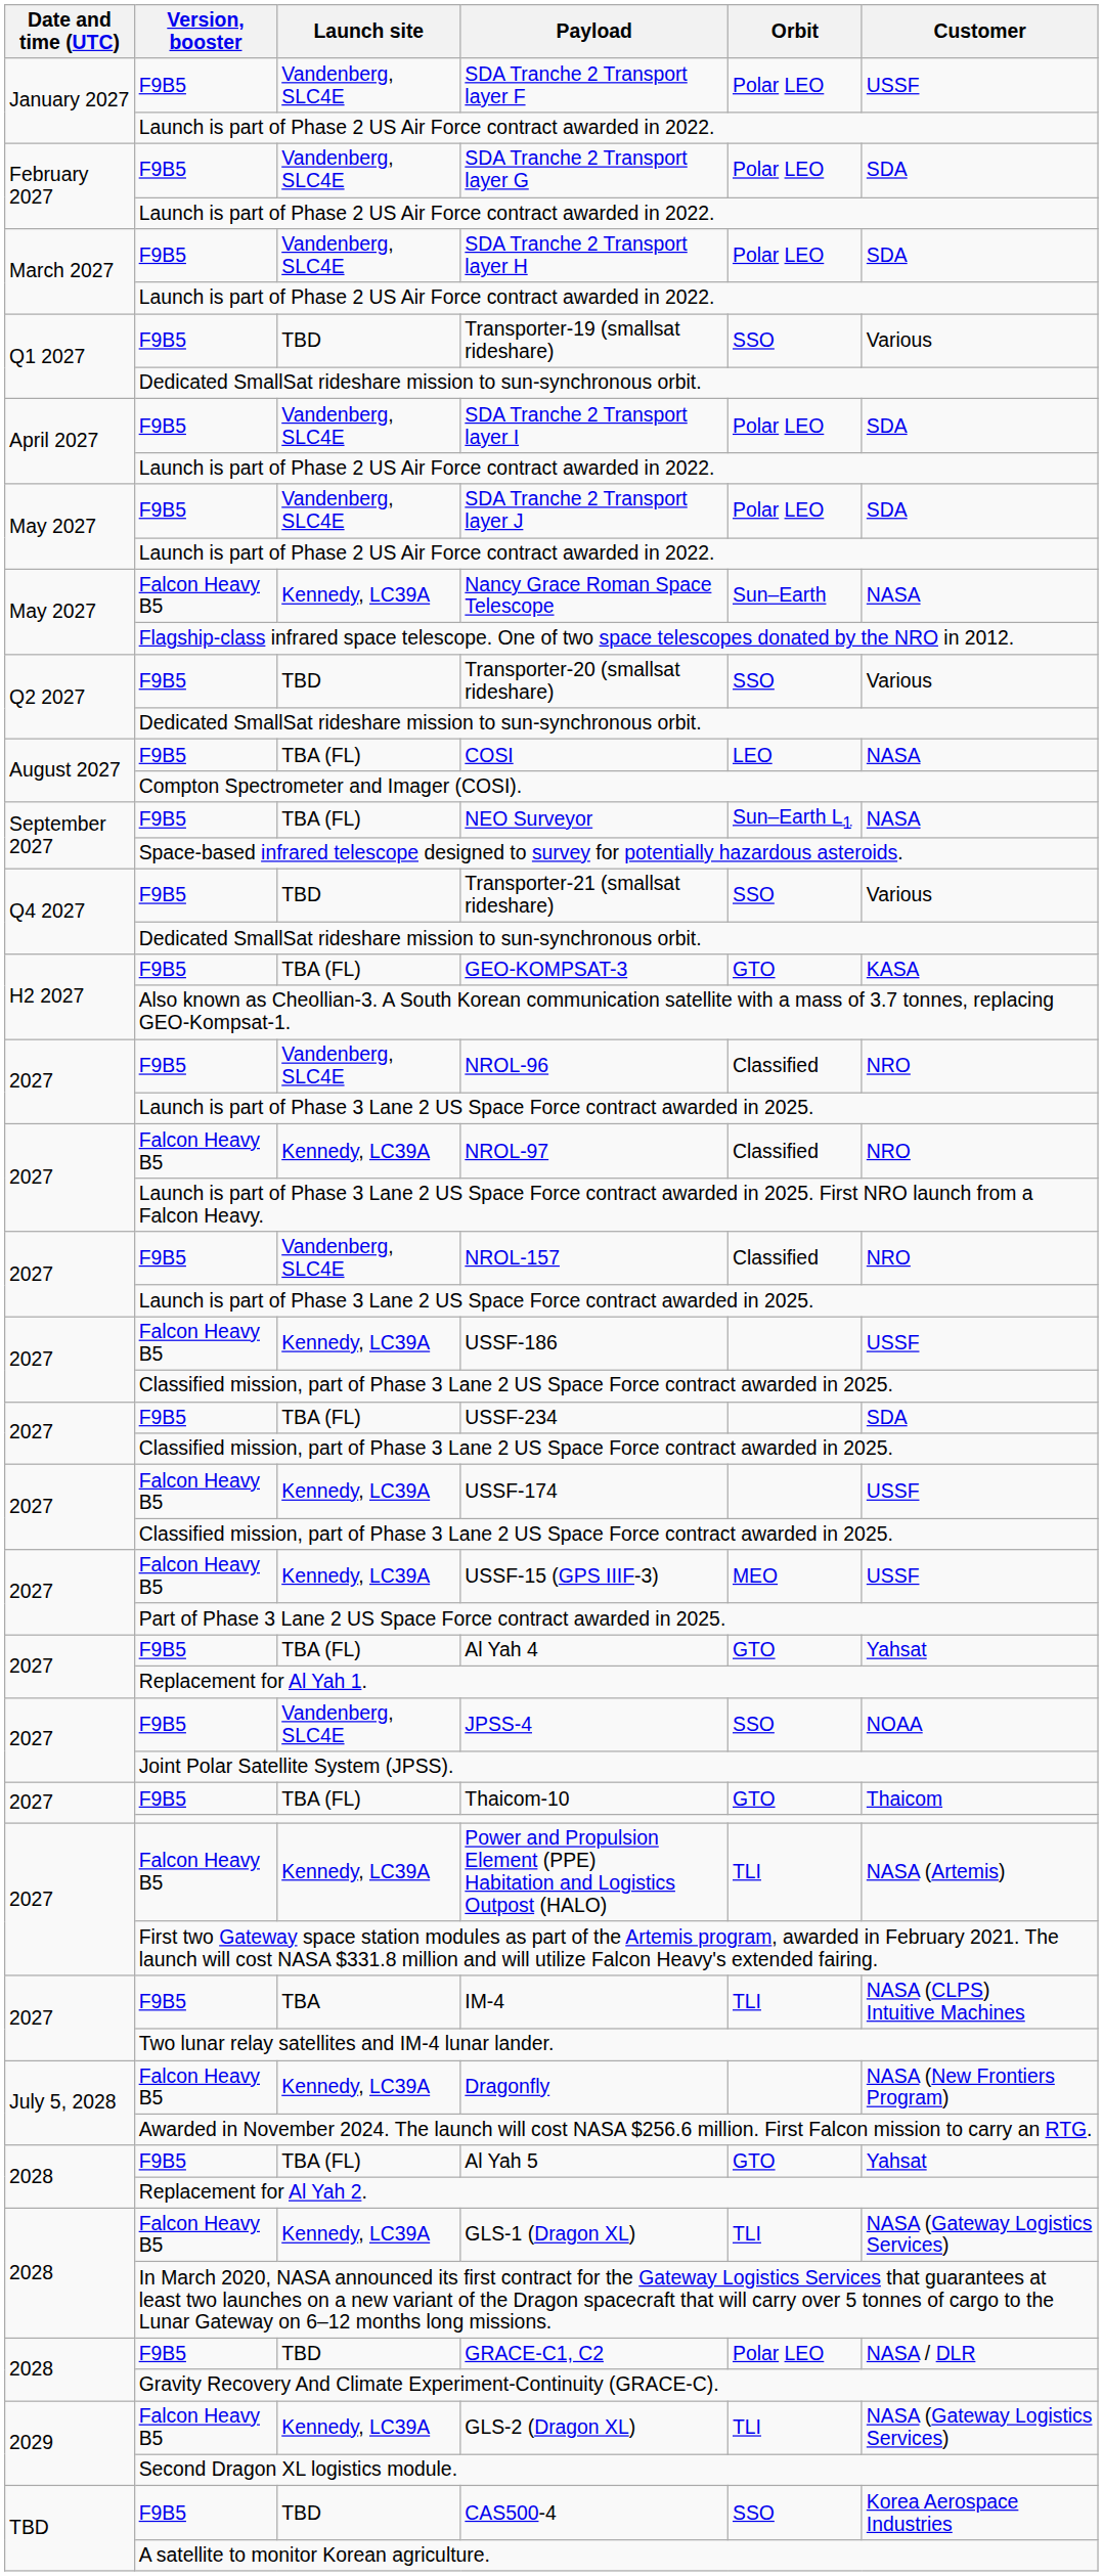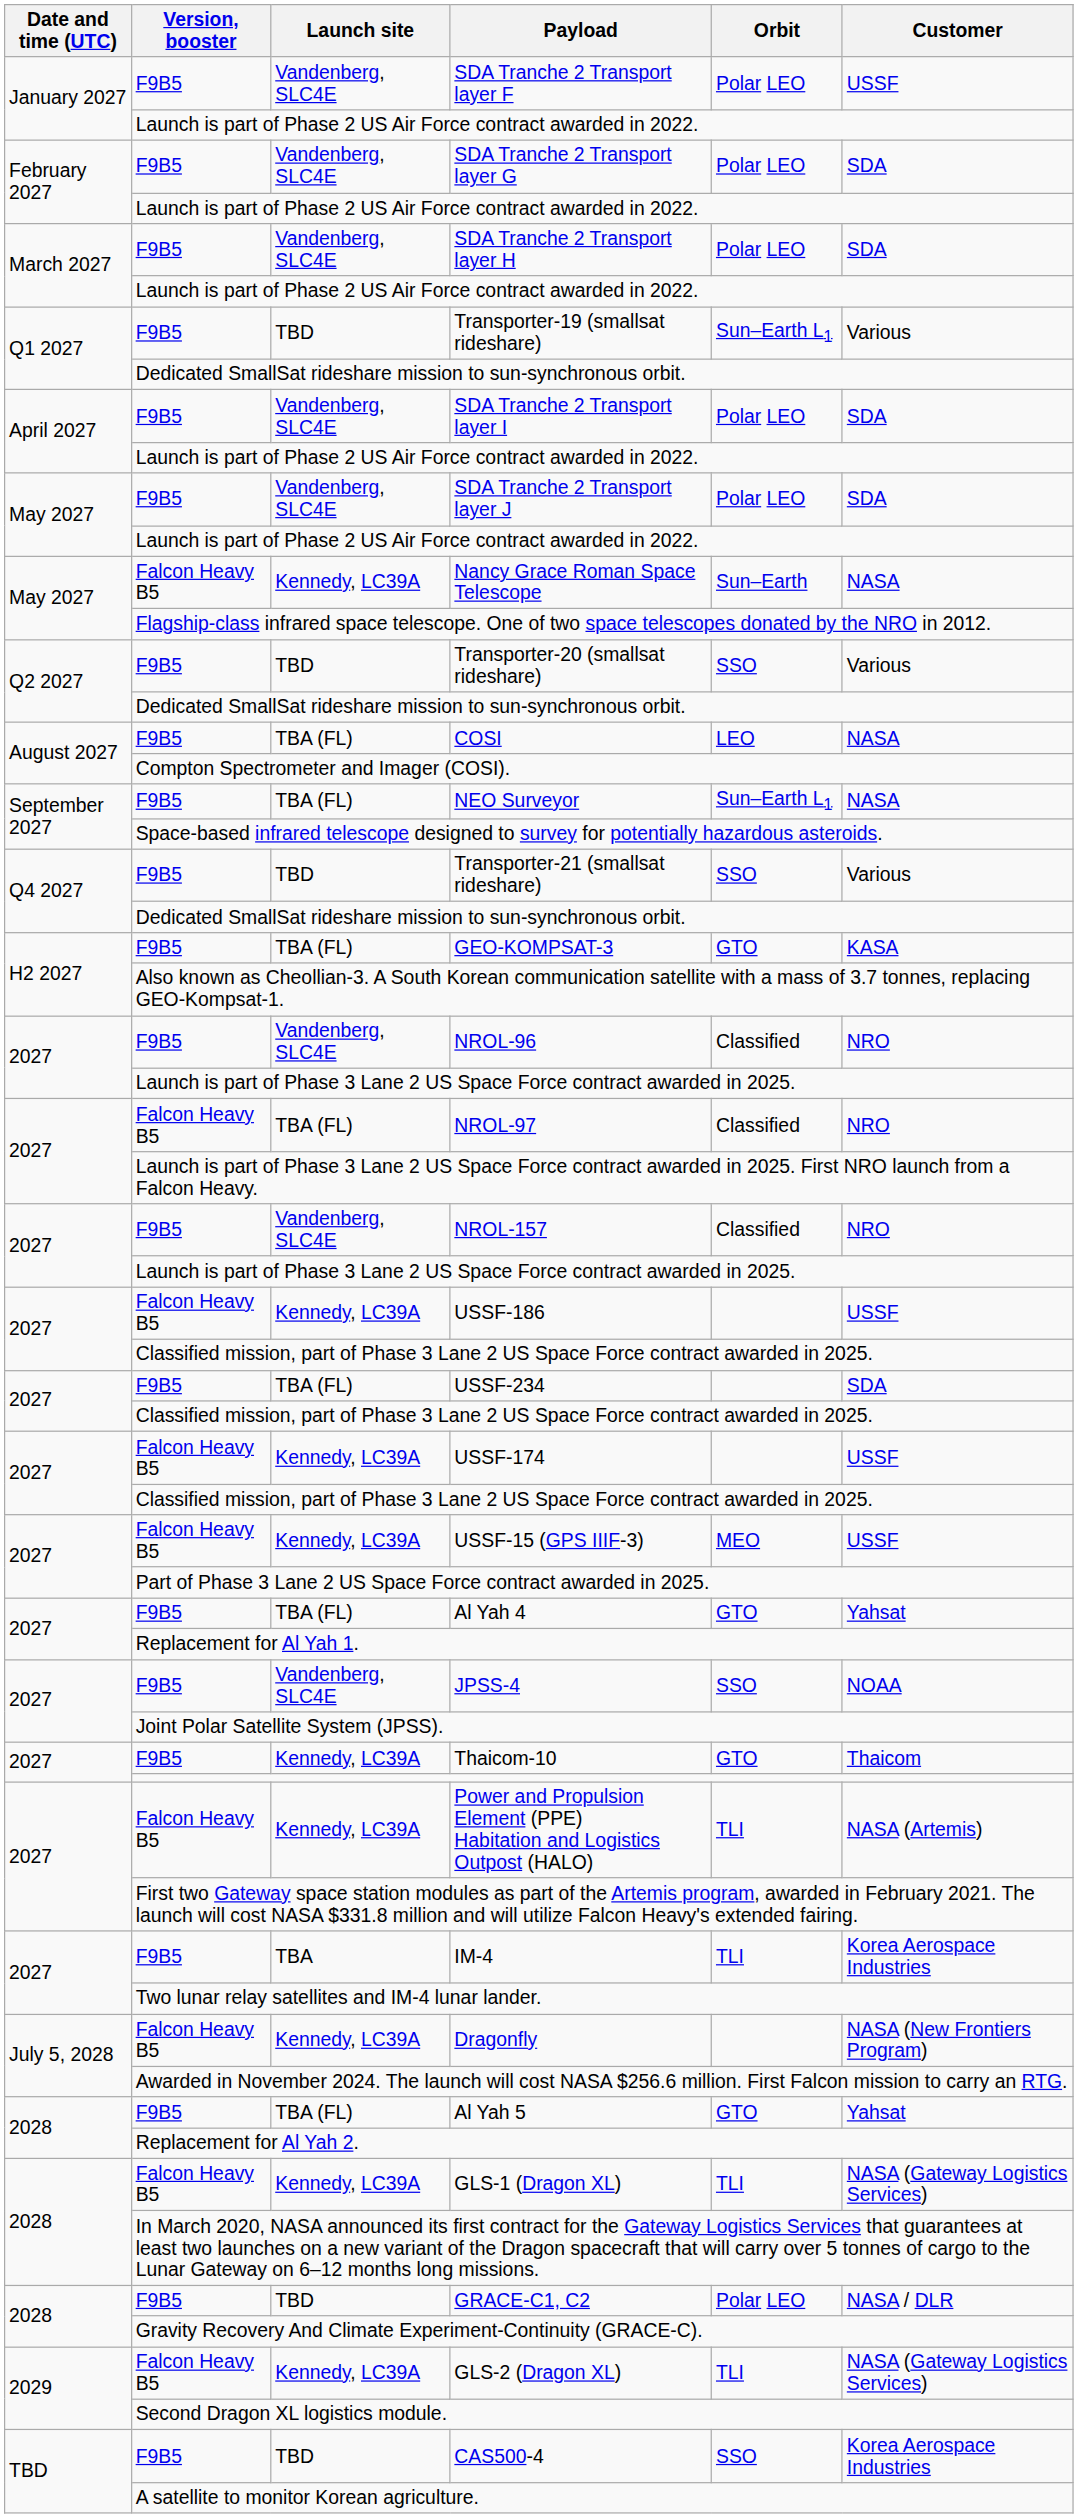 <table class="wikitable sticky-header" style="width: 100%;">
 <tr>
 <th scope="col">Date and time (<a href='#'>UTC</a>)</th>
 <th scope="col"><a href='#'>Version,<br>booster</a></th>
 <th scope="col">Launch site</th>
 <th scope="col">Payload</th>
 <th scope="col">Orbit</th>
 <th scope="col">Customer</th>
 </tr>
 <tr>
 <td rowspan="2">January 2027</td>
 <td><a href='#'>F9B5</a></td>
 <td><a href='#'>Vandenberg</a>, <a href='#'>SLC4E</a></td>
 <td><a href='#'>SDA Tranche 2 Transport layer F</a></td>
 <td><a href='#'>Polar</a> <a href='#'>LEO</a></td>
 <td><a href='#'>USSF</a></td>
 </tr>
 <tr>
 <td colspan="5">Launch is part of Phase 2 US Air Force contract awarded in 2022.</td>
 </tr>
 <tr>
 <td rowspan="2">February 2027</td>
 <td><a href='#'>F9B5</a></td>
 <td><a href='#'>Vandenberg</a>, <a href='#'>SLC4E</a></td>
 <td><a href='#'>SDA Tranche 2 Transport layer G</a></td>
 <td><a href='#'>Polar</a> <a href='#'>LEO</a></td>
 <td><a href='#'>SDA</a></td>
 </tr>
 <tr>
 <td colspan="5">Launch is part of Phase 2 US Air Force contract awarded in 2022.</td>
 </tr>
 <tr>
 <td rowspan="2">March 2027</td>
 <td><a href='#'>F9B5</a></td>
 <td><a href='#'>Vandenberg</a>, <a href='#'>SLC4E</a></td>
 <td><a href='#'>SDA Tranche 2 Transport layer H</a></td>
 <td><a href='#'>Polar</a> <a href='#'>LEO</a></td>
 <td><a href='#'>SDA</a></td>
 </tr>
 <tr>
 <td colspan="5">Launch is part of Phase 2 US Air Force contract awarded in 2022.</td>
 </tr>
 <tr>
 <td rowspan=2>Q1 2027</td>
 <td><a href='#'>F9B5</a></td>
 <td>TBD</td>
 <td>Transporter-19 (smallsat rideshare)</td>
-<td><a href='#'>SSO</a></td>
+<td><a href='#'>Sun–Earth L<sub>1</sub></a></td>
 <td>Various</td>
 </tr>
 <tr>
 <td colspan=5>Dedicated SmallSat rideshare mission to sun-synchronous orbit.</td>
 </tr>
 <tr>
 <td rowspan="2">April 2027</td>
 <td><a href='#'>F9B5</a></td>
 <td><a href='#'>Vandenberg</a>, <a href='#'>SLC4E</a></td>
 <td><a href='#'>SDA Tranche 2 Transport layer I</a></td>
 <td><a href='#'>Polar</a> <a href='#'>LEO</a></td>
 <td><a href='#'>SDA</a></td>
 </tr>
 <tr>
 <td colspan="5">Launch is part of Phase 2 US Air Force contract awarded in 2022.</td>
 </tr>
 <tr>
 <td rowspan="2">May 2027</td>
 <td><a href='#'>F9B5</a></td>
 <td><a href='#'>Vandenberg</a>, <a href='#'>SLC4E</a></td>
 <td><a href='#'>SDA Tranche 2 Transport layer J</a></td>
 <td><a href='#'>Polar</a> <a href='#'>LEO</a></td>
 <td><a href='#'>SDA</a></td>
 </tr>
 <tr>
 <td colspan="5">Launch is part of Phase 2 US Air Force contract awarded in 2022.</td>
 </tr>
 <tr>
 <td rowspan=2>May 2027</td>
 <td><a href='#'>Falcon Heavy</a> B5</td>
 <td><a href='#'>Kennedy</a>, <a href='#'>LC39A</a></td>
 <td><a href='#'>Nancy Grace Roman Space Telescope</a></td>
 <td><a href='#'>Sun–Earth</a> </td>
 <td><a href='#'>NASA</a></td>
 </tr>
 <tr>
 <td colspan=5><a href='#'>Flagship-class</a> infrared space telescope. One of two <a href='#'>space telescopes donated by the NRO</a> in 2012.</td>
 </tr>
 <tr>
 <td rowspan=2>Q2 2027</td>
 <td><a href='#'>F9B5</a></td>
 <td>TBD</td>
 <td>Transporter-20 (smallsat rideshare)</td>
 <td><a href='#'>SSO</a></td>
 <td>Various</td>
 </tr>
 <tr>
 <td colspan=5>Dedicated SmallSat rideshare mission to sun-synchronous orbit.</td>
 </tr>
 <tr>
 <td rowspan=2>August 2027</td>
 <td><a href='#'>F9B5</a></td>
 <td>TBA (FL)</td>
 <td><a href='#'>COSI</a></td>
 <td><a href='#'>LEO</a></td>
 <td><a href='#'>NASA</a></td>
 </tr>
 <tr>
 <td colspan=5>Compton Spectrometer and Imager (COSI).</td>
 </tr>
 <tr>
 <td rowspan="2">September 2027</td>
 <td><a href='#'>F9B5</a></td>
 <td>TBA (FL)</td>
 <td><a href='#'>NEO Surveyor</a></td>
 <td><a href='#'>Sun–Earth L<sub>1</sub></a></td>
 <td><a href='#'>NASA</a></td>
 </tr>
 <tr>
 <td colspan="5">Space-based <a href='#'>infrared telescope</a> designed to <a href='#'>survey</a> for <a href='#'>potentially hazardous asteroids</a>.</td>
 </tr>
 <tr>
 <td rowspan=2>Q4 2027</td>
 <td><a href='#'>F9B5</a></td>
 <td>TBD</td>
 <td>Transporter-21 (smallsat rideshare)</td>
 <td><a href='#'>SSO</a></td>
 <td>Various</td>
 </tr>
 <tr>
 <td colspan=5>Dedicated SmallSat rideshare mission to sun-synchronous orbit.</td>
 </tr>
 <tr>
 <td rowspan=2>H2 2027</td>
 <td><a href='#'>F9B5</a></td>
 <td>TBA (FL)</td>
 <td><a href='#'>GEO-KOMPSAT-3</a></td>
 <td><a href='#'>GTO</a></td>
 <td><a href='#'>KASA</a></td>
 </tr>
 <tr>
 <td colspan=5>Also known as Cheollian-3. A South Korean communication satellite with a mass of 3.7 tonnes, replacing GEO-Kompsat-1.</td>
 </tr>
 <tr>
 <td rowspan="2">2027</td>
 <td><a href='#'>F9B5</a></td>
 <td><a href='#'>Vandenberg</a>, <a href='#'>SLC4E</a></td>
 <td><a href='#'>NROL-96</a></td>
 <td>Classified</td>
 <td><a href='#'>NRO</a></td>
 </tr>
 <tr>
 <td colspan="5">Launch is part of Phase 3 Lane 2 US Space Force contract awarded in 2025.</td>
 </tr>
 <tr>
 <td rowspan="2">2027</td>
 <td><a href='#'>Falcon Heavy</a> B5</td>
-<td rowspan="1"><a href='#'>Kennedy</a>, <a href='#'>LC39A</a></td>
+<td>TBA (FL)</td>
 <td><a href='#'>NROL-97</a></td>
 <td>Classified</td>
 <td><a href='#'>NRO</a></td>
 </tr>
 <tr>
 <td colspan="5">Launch is part of Phase 3 Lane 2 US Space Force contract awarded in 2025. First NRO launch from a Falcon Heavy.</td>
 </tr>
 <tr>
 <td rowspan="2">2027</td>
 <td><a href='#'>F9B5</a></td>
 <td><a href='#'>Vandenberg</a>, <a href='#'>SLC4E</a></td>
 <td><a href='#'>NROL-157</a></td>
 <td>Classified</td>
 <td><a href='#'>NRO</a></td>
 </tr>
 <tr>
 <td colspan="5">Launch is part of Phase 3 Lane 2 US Space Force contract awarded in 2025.</td>
 </tr>
 <tr>
 <td rowspan="2">2027</td>
 <td><a href='#'>Falcon Heavy</a> B5</td>
 <td rowspan="1"><a href='#'>Kennedy</a>, <a href='#'>LC39A</a></td>
 <td>USSF-186</td>
 <td></td>
 <td><a href='#'>USSF</a></td>
 </tr>
 <tr>
 <td colspan="5">Classified mission, part of Phase 3 Lane 2 US Space Force contract awarded in 2025.</td>
 </tr>
 <tr>
 <td rowspan="2">2027</td>
 <td><a href='#'>F9B5</a></td>
 <td>TBA (FL)</td>
 <td>USSF-234</td>
 <td></td>
 <td><a href='#'>SDA</a></td>
 </tr>
 <tr>
 <td colspan="5">Classified mission, part of Phase 3 Lane 2 US Space Force contract awarded in 2025.</td>
 </tr>
 <tr>
 <td rowspan="2">2027</td>
 <td><a href='#'>Falcon Heavy</a> B5</td>
 <td rowspan="1"><a href='#'>Kennedy</a>, <a href='#'>LC39A</a></td>
 <td>USSF-174</td>
 <td></td>
 <td><a href='#'>USSF</a></td>
 </tr>
 <tr>
 <td colspan="5">Classified mission, part of Phase 3 Lane 2 US Space Force contract awarded in 2025.</td>
 </tr>
 <tr>
 <td rowspan="2">2027</td>
 <td><a href='#'>Falcon Heavy</a> B5</td>
 <td rowspan="1"><a href='#'>Kennedy</a>, <a href='#'>LC39A</a></td>
 <td>USSF-15 (<a href='#'>GPS IIIF</a>-3)</td>
 <td><a href='#'>MEO</a></td>
 <td><a href='#'>USSF</a></td>
 </tr>
 <tr>
 <td colspan="5">Part of Phase 3 Lane 2 US Space Force contract awarded in 2025.</td>
 </tr>
 <tr>
 <td rowspan=2>2027</td>
 <td><a href='#'>F9B5</a></td>
 <td>TBA (FL)</td>
 <td>Al Yah 4</td>
 <td><a href='#'>GTO</a></td>
 <td><a href='#'>Yahsat</a></td>
 </tr>
 <tr>
 <td colspan=5>Replacement for <a href='#'>Al Yah 1</a>.</td>
 </tr>
 <tr>
 <td rowspan=2>2027</td>
 <td><a href='#'>F9B5</a></td>
 <td><a href='#'>Vandenberg</a>, <a href='#'>SLC4E</a></td>
 <td><a href='#'>JPSS-4</a></td>
 <td><a href='#'>SSO</a></td>
 <td><a href='#'>NOAA</a></td>
 </tr>
 <tr>
 <td colspan=5>Joint Polar Satellite System (JPSS).</td>
 </tr>
 <tr>
 <td rowspan=2>2027</td>
 <td><a href='#'>F9B5</a></td>
-<td>TBA (FL)</td>
+<td rowspan="1"><a href='#'>Kennedy</a>, <a href='#'>LC39A</a></td>
 <td>Thaicom-10</td>
 <td><a href='#'>GTO</a></td>
 <td><a href='#'>Thaicom</a></td>
 </tr>
 <tr>
 <td colspan=5></td>
 </tr>
 <tr>
 <td rowspan="2">2027</td>
 <td><a href='#'>Falcon Heavy</a> B5</td>
 <td><a href='#'>Kennedy</a>, <a href='#'>LC39A</a></td>
 <td><a href='#'>Power and Propulsion Element</a> (PPE)<br><a href='#'>Habitation and Logistics Outpost</a> (HALO)</td>
 <td><a href='#'>TLI</a></td>
 <td><a href='#'>NASA</a> (<a href='#'>Artemis</a>)</td>
 </tr>
 <tr>
 <td colspan="5">First two <a href='#'>Gateway</a> space station modules as part of the <a href='#'>Artemis program</a>, awarded in February 2021. The launch will cost NASA $331.8 million and will utilize Falcon Heavy's extended fairing.</td>
 </tr>
 <tr>
 <td rowspan="2">2027</td>
 <td><a href='#'>F9B5</a></td>
 <td>TBA</td>
 <td>IM-4</td>
 <td><a href='#'>TLI</a></td>
-<td><a href='#'>NASA</a> (<a href='#'>CLPS</a>)<br><a href='#'>Intuitive Machines</a></td>
+<td><a href='#'>Korea Aerospace Industries</a></td>
 </tr>
 <tr>
 <td colspan="5">Two lunar relay satellites and IM-4 lunar lander.</td>
 </tr>
 <tr>
 <td rowspan="2">July 5, 2028</td>
 <td><a href='#'>Falcon Heavy</a> B5</td>
 <td><a href='#'>Kennedy</a>, <a href='#'>LC39A</a></td>
 <td><a href='#'>Dragonfly</a></td>
 <td></td>
 <td><a href='#'>NASA</a> (<a href='#'>New Frontiers Program</a>)</td>
 </tr>
 <tr>
 <td colspan="5">Awarded in November 2024. The launch will cost NASA $256.6 million. First Falcon mission to carry an <a href='#'>RTG</a>.</td>
 </tr>
 <tr>
 <td rowspan=2>2028</td>
 <td><a href='#'>F9B5</a></td>
 <td>TBA (FL)</td>
 <td>Al Yah 5</td>
 <td><a href='#'>GTO</a></td>
 <td><a href='#'>Yahsat</a></td>
 </tr>
 <tr>
 <td colspan=5>Replacement for <a href='#'>Al Yah 2</a>.</td>
 </tr>
 <tr>
 <td rowspan=2>2028</td>
 <td><a href='#'>Falcon Heavy</a> B5</td>
 <td><a href='#'>Kennedy</a>, <a href='#'>LC39A</a></td>
 <td>GLS-1 (<a href='#'>Dragon XL</a>)</td>
 <td><a href='#'>TLI</a></td>
 <td><a href='#'>NASA</a> (<a href='#'>Gateway Logistics Services</a>)</td>
 </tr>
 <tr>
 <td colspan=5>In March 2020, NASA announced its first contract for the <a href='#'>Gateway Logistics Services</a> that guarantees at least two launches on a new variant of the Dragon spacecraft that will carry over 5 tonnes of cargo to the Lunar Gateway on 6–12 months long missions.</td>
 </tr>
 <tr>
 <td rowspan=2>2028</td>
 <td><a href='#'>F9B5</a></td>
 <td>TBD</td>
 <td><a href='#'>GRACE-C1, C2</a></td>
 <td><a href='#'>Polar</a> <a href='#'>LEO</a></td>
 <td><a href='#'>NASA</a> / <a href='#'>DLR</a></td>
 </tr>
 <tr>
 <td colspan=5>Gravity Recovery And Climate Experiment-Continuity (GRACE-C).</td>
 </tr>
 <tr>
 <td rowspan=2>2029</td>
 <td><a href='#'>Falcon Heavy</a> B5</td>
 <td><a href='#'>Kennedy</a>, <a href='#'>LC39A</a></td>
 <td>GLS-2 (<a href='#'>Dragon XL</a>)</td>
 <td><a href='#'>TLI</a></td>
 <td><a href='#'>NASA</a> (<a href='#'>Gateway Logistics Services</a>)</td>
 </tr>
 <tr>
 <td colspan=5>Second Dragon XL logistics module.</td>
 </tr>
 <tr>
 <td rowspan="2">TBD</td>
 <td><a href='#'>F9B5</a></td>
 <td>TBD</td>
 <td><a href='#'>CAS500</a>-4 <span></span></td>
 <td><a href='#'>SSO</a></td>
 <td><a href='#'>Korea Aerospace Industries</a></td>
 </tr>
 <tr>
 <td colspan="5">A satellite to monitor Korean agriculture.<br> </td>
 </tr>
 </table>
